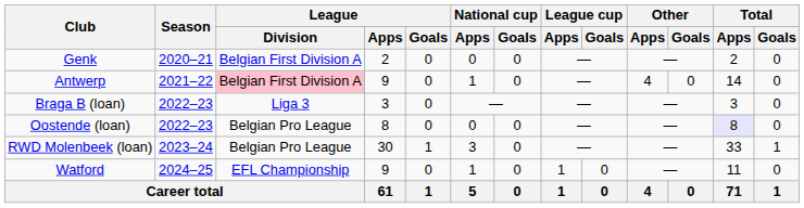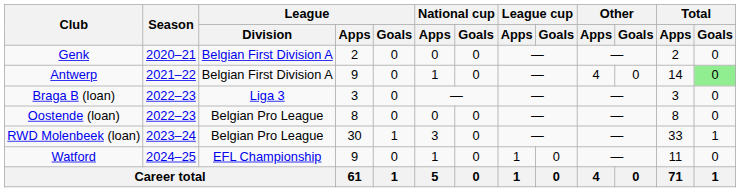 <table class="wikitable" style="text-align: center;">
 <tr>
 <th rowspan="2">Club</th>
 <th rowspan="2">Season</th>
 <th colspan="3">League</th>
 <th colspan="2">National cup</th>
 <th colspan="2">League cup</th>
 <th colspan="2">Other</th>
 <th colspan="2">Total</th>
 </tr>
 <tr>
 <th>Division</th>
 <th>Apps</th>
 <th>Goals</th>
 <th>Apps</th>
 <th>Goals</th>
 <th>Apps</th>
 <th>Goals</th>
 <th>Apps</th>
 <th>Goals</th>
 <th>Apps</th>
 <th>Goals</th>
 </tr>
 <tr>
 <td><a href='#'>Genk</a></td>
 <td><a href='#'>2020–21</a></td>
 <td><a href='#'>Belgian First Division A</a></td>
 <td>2</td>
 <td>0</td>
 <td>0</td>
 <td>0</td>
 <td colspan=2>—</td>
 <td colspan=2>—</td>
 <td>2</td>
 <td>0</td>
 </tr>
 <tr>
 <td><a href='#'>Antwerp</a></td>
 <td><a href='#'>2021–22</a></td>
-<td style="background: pink;">Belgian First Division A</td>
+<td>Belgian First Division A</td>
 <td>9</td>
 <td>0</td>
 <td>1</td>
 <td>0</td>
 <td colspan=2>—</td>
 <td>4</td>
 <td>0</td>
 <td>14</td>
-<td>0</td>
+<td style="background: lightgreen;">0</td>
 </tr>
 <tr>
 <td><a href='#'>Braga B</a> (loan)</td>
 <td><a href='#'>2022–23</a></td>
 <td><a href='#'>Liga 3</a></td>
 <td>3</td>
 <td>0</td>
 <td colspan=2>—</td>
 <td colspan=2>—</td>
 <td colspan=2>—</td>
 <td>3</td>
 <td>0</td>
 </tr>
 <tr>
 <td><a href='#'>Oostende</a> (loan)</td>
 <td><a href='#'>2022–23</a></td>
 <td>Belgian Pro League</td>
 <td>8</td>
 <td>0</td>
 <td>0</td>
 <td>0</td>
 <td colspan=2>—</td>
 <td colspan=2>—</td>
-<td style="background: lavender;">8</td>
+<td>8</td>
 <td>0</td>
 </tr>
 <tr>
 <td><a href='#'>RWD Molenbeek</a> (loan)</td>
 <td><a href='#'>2023–24</a></td>
 <td>Belgian Pro League</td>
 <td>30</td>
 <td>1</td>
 <td>3</td>
 <td>0</td>
 <td colspan=2>—</td>
 <td colspan=2>—</td>
 <td>33</td>
 <td>1</td>
 </tr>
 <tr>
 <td><a href='#'>Watford</a></td>
 <td><a href='#'>2024–25</a></td>
 <td><a href='#'>EFL Championship</a></td>
 <td>9</td>
 <td>0</td>
 <td>1</td>
 <td>0</td>
 <td>1</td>
 <td>0</td>
 <td colspan=2>—</td>
 <td>11</td>
 <td>0</td>
 </tr>
 <tr>
 <th colspan="3">Career total</th>
 <th>61</th>
 <th>1</th>
 <th>5</th>
 <th>0</th>
 <th>1</th>
 <th>0</th>
 <th>4</th>
 <th>0</th>
 <th>71</th>
 <th>1</th>
 </tr>
 </table>
